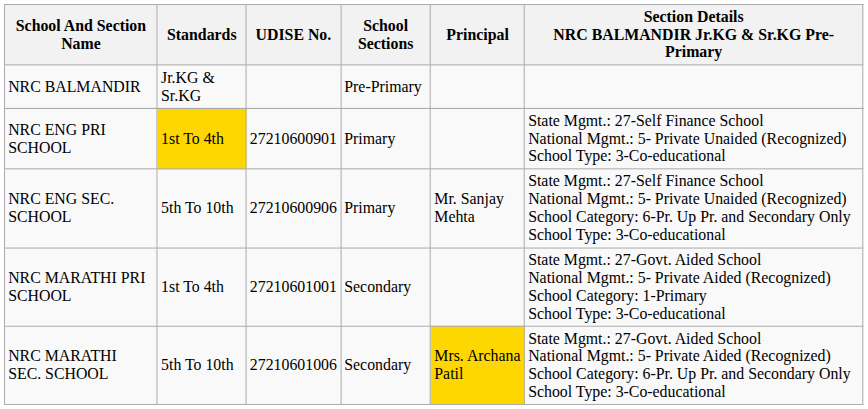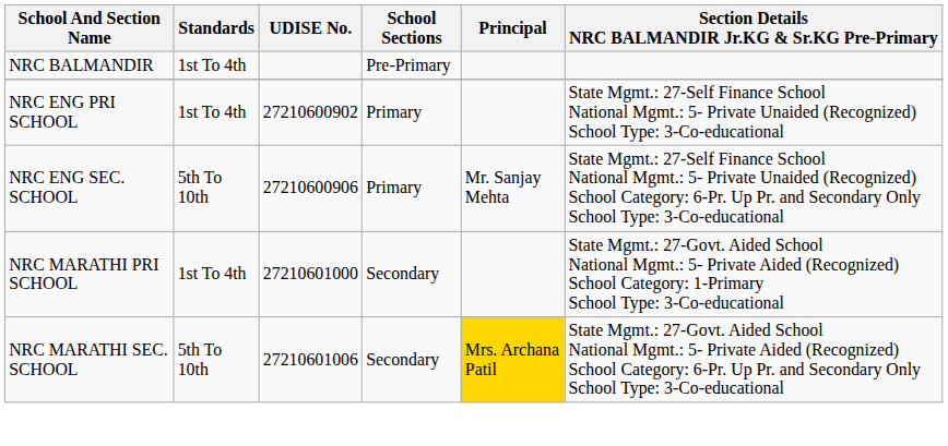 <table class="wikitable">
 <tr>
 <th>School And Section Name</th>
 <th>Standards</th>
 <th>UDISE No.</th>
 <th>School Sections</th>
 <th>Principal</th>
 <th>Section Details<br>NRC BALMANDIR Jr.KG & Sr.KG Pre-Primary</th>
 </tr>
 <tr>
 <td>NRC BALMANDIR</td>
-<td>Jr.KG & Sr.KG</td>
+<td>1st To 4th</td>
 <td></td>
 <td>Pre-Primary</td>
 <td></td>
 <td></td>
 </tr>
 <tr>
 </tr>
 <tr>
 <td>NRC ENG PRI SCHOOL</td>
-<td style="background: gold;">1st To 4th</td>
-<td>27210600901</td>
+<td>1st To 4th</td>
+<td>27210600902</td>
 <td>Primary</td>
 <td></td>
 <td>State Mgmt.: 27-Self Finance School<br>National Mgmt.: 5- Private Unaided (Recognized) School Type: 3-Co-educational</td>
 </tr>
 <tr>
 <td>NRC ENG SEC. SCHOOL</td>
 <td>5th To 10th</td>
 <td>27210600906</td>
 <td>Primary</td>
 <td>Mr. Sanjay Mehta</td>
 <td>State Mgmt.: 27-Self Finance School<br>National Mgmt.: 5- Private Unaided (Recognized) School Category: 6-Pr. Up Pr. and Secondary Only<br>School Type: 3-Co-educational</td>
 </tr>
 <tr>
 <td>NRC MARATHI PRI SCHOOL</td>
 <td>1st To 4th</td>
-<td>27210601001</td>
+<td>27210601000</td>
 <td>Secondary</td>
 <td></td>
 <td>State Mgmt.: 27-Govt. Aided School<br>National Mgmt.: 5- Private Aided (Recognized)<br>School Category: 1-Primary<br>School Type: 3-Co-educational</td>
 </tr>
 <tr>
 <td>NRC MARATHI SEC. SCHOOL</td>
 <td>5th To 10th</td>
 <td>27210601006</td>
 <td>Secondary</td>
 <td style="background: gold;">Mrs. Archana Patil</td>
 <td>State Mgmt.: 27-Govt. Aided School<br>National Mgmt.: 5- Private Aided (Recognized)<br>School Category: 6-Pr. Up Pr. and Secondary Only<br>School Type: 3-Co-educational</td>
 </tr>
 </table>
